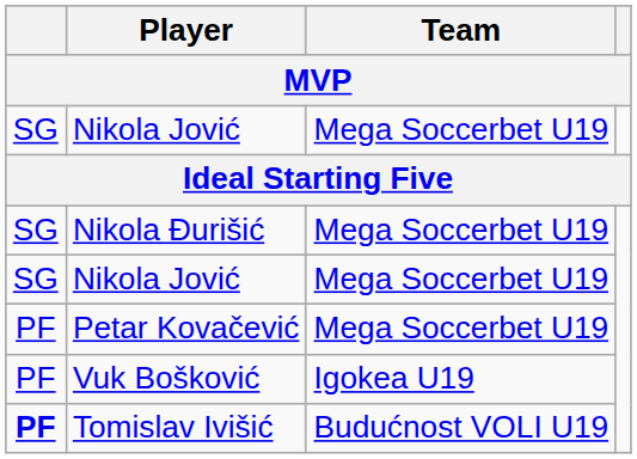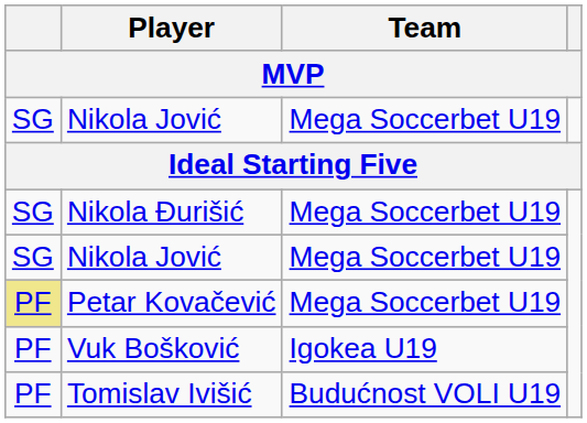 <table class="wikitable">
 <tr>
 <th align="center"></th>
 <th align="center">Player</th>
 <th align="center">Team</th>
 <th align="center"></th>
 </tr>
 <tr>
 <th colspan=4><a href='#'>MVP</a></th>
 </tr>
 <tr>
 <td align="center"><a href='#'>SG</a></td>
 <td align="left"> <a href='#'>Nikola Jović</a></td>
 <td align="left"> <a href='#'>Mega Soccerbet U19</a></td>
 <td align="center"></td>
 </tr>
 <tr>
 <th colspan=4><a href='#'>Ideal Starting Five</a></th>
 </tr>
 <tr>
 <td align="center"><a href='#'>SG</a></td>
 <td> <a href='#'>Nikola Đurišić</a></td>
 <td> <a href='#'>Mega Soccerbet U19</a></td>
 <td rowspan="5" style="text-align:center;"></td>
 </tr>
 <tr>
 <td align="center"><a href='#'>SG</a></td>
 <td> <a href='#'>Nikola Jović</a></td>
 <td> <a href='#'>Mega Soccerbet U19</a></td>
 </tr>
 <tr>
-<td align="center"><a href='#'>PF</a></td>
+<td align="center" style="background: khaki;"><a href='#'>PF</a></td>
 <td> <a href='#'>Petar Kovačević</a></td>
 <td> <a href='#'>Mega Soccerbet U19</a></td>
 </tr>
 <tr>
 <td align="center"><a href='#'>PF</a></td>
 <td> <a href='#'>Vuk Bošković</a></td>
 <td> <a href='#'>Igokea U19</a></td>
 </tr>
 <tr>
-<td align="center"><strong><a href='#'>PF</a></strong></td>
+<td align="center"><a href='#'>PF</a></td>
 <td> <a href='#'>Tomislav Ivišić</a></td>
 <td> <a href='#'>Budućnost VOLI U19</a></td>
 </tr>
 </table>
